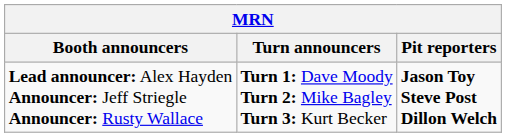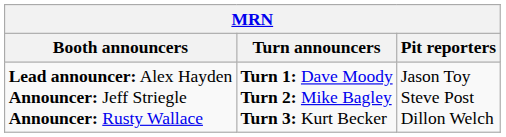 <table class="wikitable" style="font-size: 95%">
 <tr>
 <th colspan="3"><a href='#'>MRN</a></th>
 </tr>
 <tr>
 <th>Booth announcers</th>
 <th>Turn announcers</th>
 <th>Pit reporters</th>
 </tr>
 <tr>
 <td><strong>Lead announcer:</strong> Alex Hayden<br><strong>Announcer:</strong> Jeff Striegle<br><strong>Announcer:</strong> <a href='#'>Rusty Wallace</a></td>
 <td><strong>Turn 1:</strong> <a href='#'>Dave Moody</a><br><strong>Turn 2:</strong> <a href='#'>Mike Bagley</a><br><strong>Turn 3:</strong> Kurt Becker</td>
-<td><strong>Jason Toy<br>Steve Post<br>Dillon Welch</strong></td>
+<td>Jason Toy<br>Steve Post<br>Dillon Welch</td>
 </tr>
 </table>
